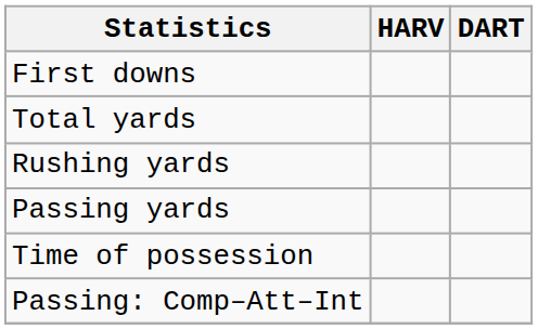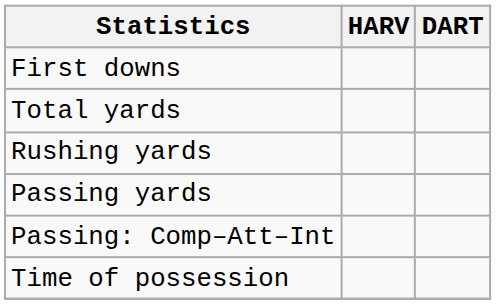 <table class="wikitable" style="float: left;">
 <tr>
 <th>Statistics</th>
 <th>HARV</th>
 <th>DART</th>
 </tr>
 <tr>
 <td>First downs</td>
 <td></td>
 <td></td>
 </tr>
 <tr>
 <td>Total yards</td>
 <td></td>
 <td></td>
 </tr>
 <tr>
 <td>Rushing yards</td>
 <td></td>
 <td></td>
 </tr>
 <tr>
 <td>Passing yards</td>
 <td></td>
 <td></td>
 </tr>
 <tr>
-<td>Time of possession</td>
+<td>Passing: Comp–Att–Int</td>
 <td></td>
 <td></td>
 </tr>
 <tr>
-<td>Passing: Comp–Att–Int</td>
+<td>Time of possession</td>
 <td></td>
 <td></td>
 </tr>
 <tr>
 </tr>
 </table>
